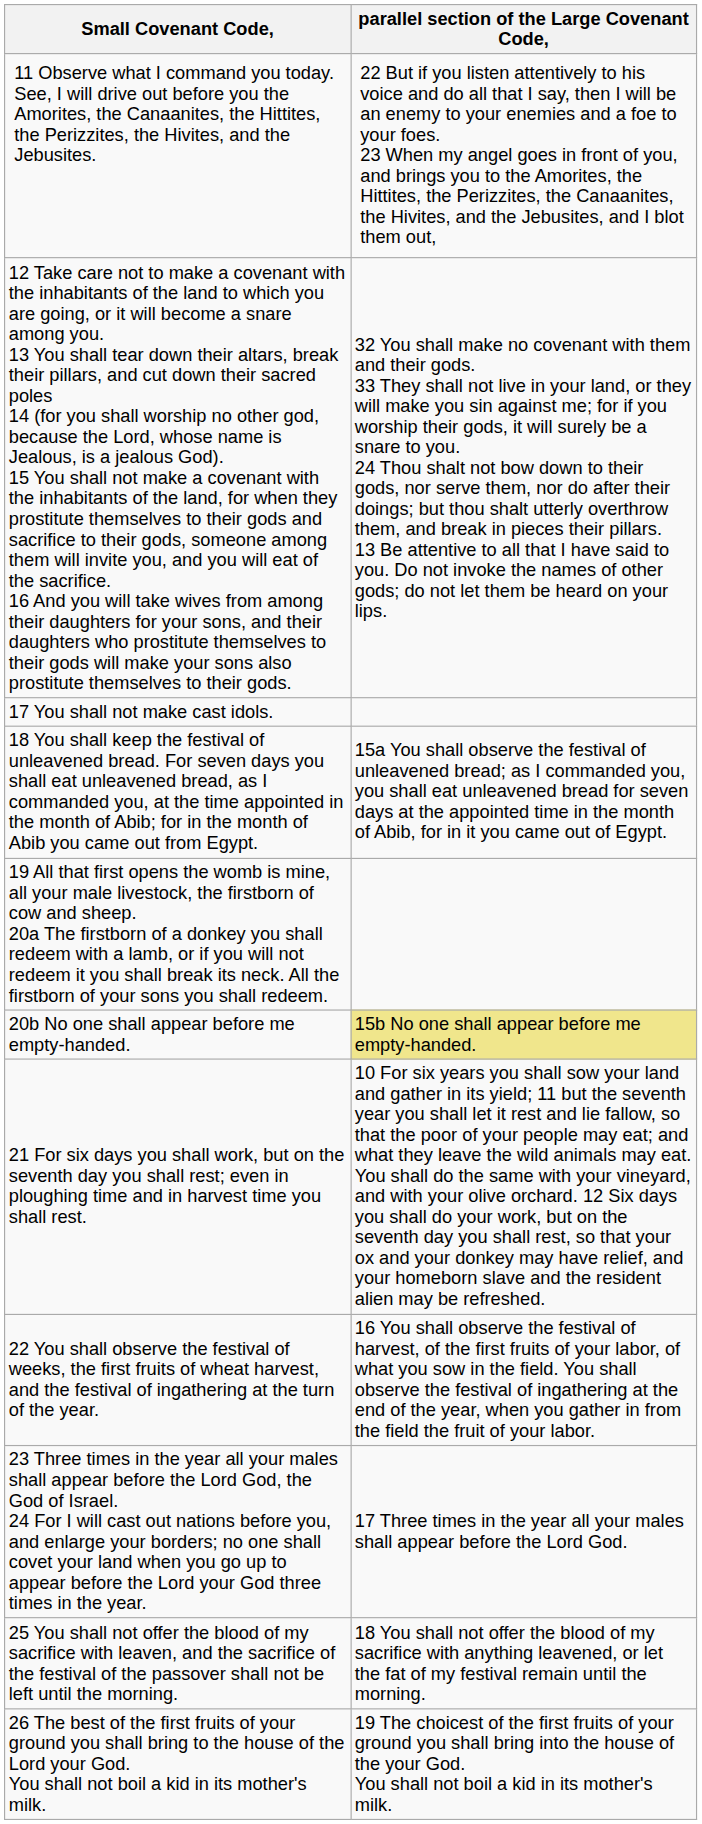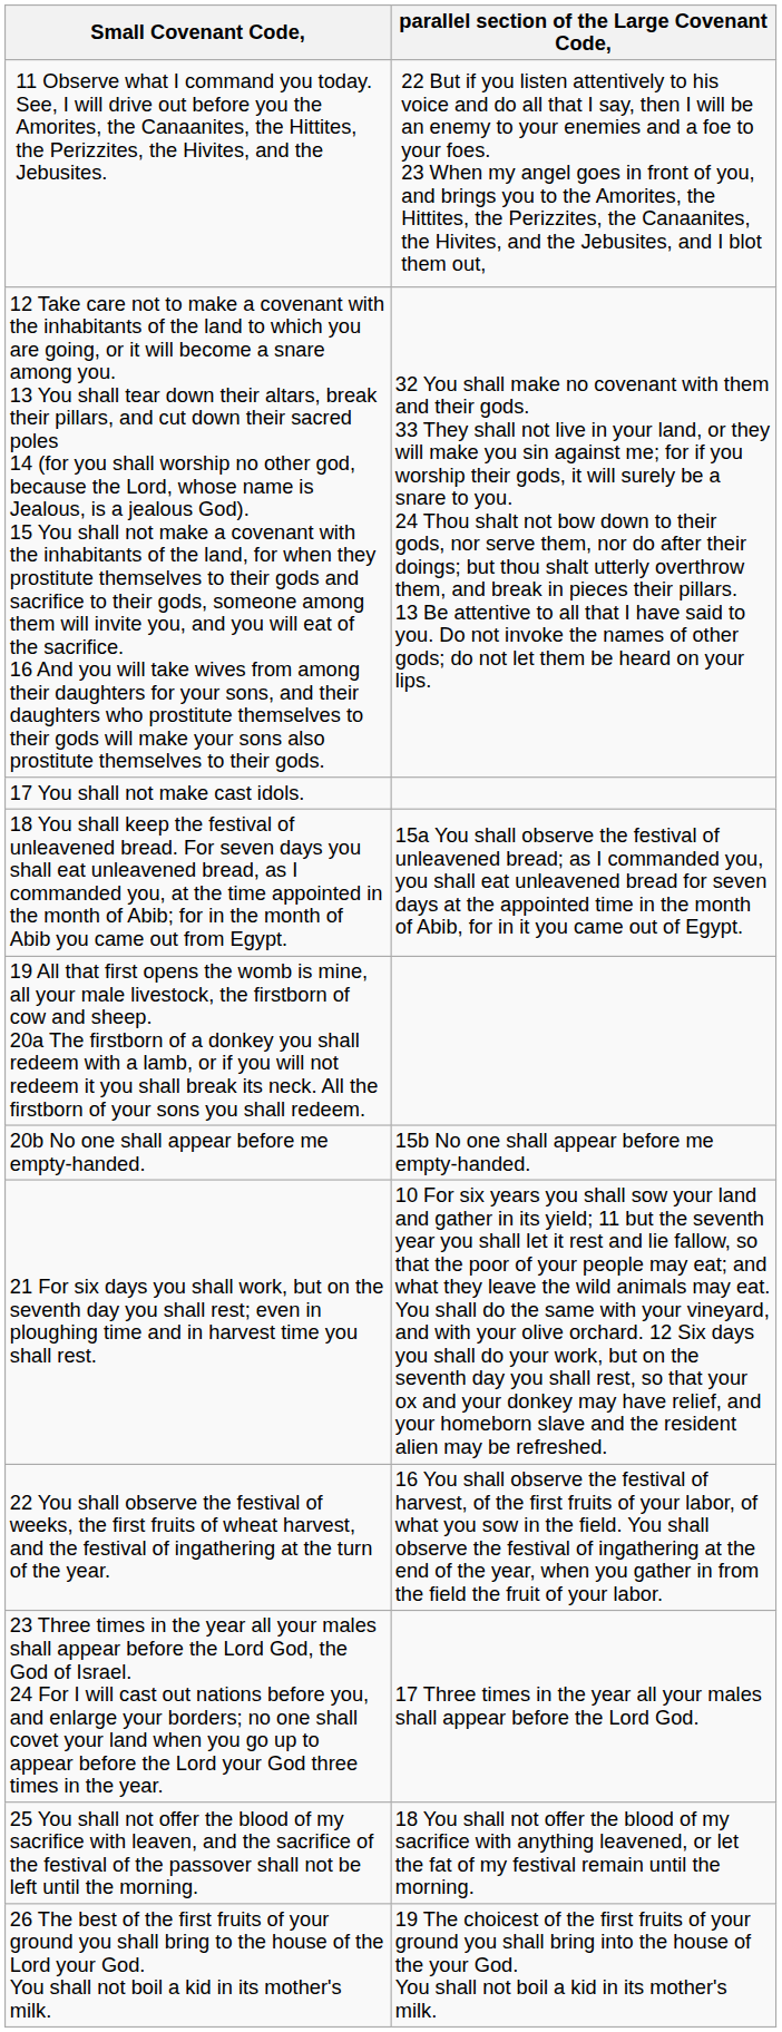 <table class="wikitable">
 <tr>
 <th>Small Covenant Code, </th>
 <th>parallel section of the Large Covenant Code, </th>
 </tr>
 <tr>
 <td style="padding:0.5em; vertical-align:top; width:33%;">11 Observe what I command you today. See, I will drive out before you the Amorites, the Canaanites, the Hittites, the Perizzites, the Hivites, and the Jebusites.</td>
 <td style="padding:0.5em; vertical-align:top; width:33%;">22 But if you listen attentively to his voice and do all that I say, then I will be an enemy to your enemies and a foe to your foes.<br>23 When my angel goes in front of you, and brings you to the Amorites, the Hittites, the Perizzites, the Canaanites, the Hivites, and the Jebusites, and I blot them out,</td>
 </tr>
 <tr>
 <td>12 Take care not to make a covenant with the inhabitants of the land to which you are going, or it will become a snare among you.<br>13 You shall tear down their altars, break their pillars, and cut down their sacred poles<br>14 (for you shall worship no other god, because the Lord, whose name is Jealous, is a jealous God).<br>15 You shall not make a covenant with the inhabitants of the land, for when they prostitute themselves to their gods and sacrifice to their gods, someone among them will invite you, and you will eat of the sacrifice.<br>16 And you will take wives from among their daughters for your sons, and their daughters who prostitute themselves to their gods will make your sons also prostitute themselves to their gods.</td>
 <td>32 You shall make no covenant with them and their gods.<br>33 They shall not live in your land, or they will make you sin against me; for if you worship their gods, it will surely be a snare to you.<br>24 Thou shalt not bow down to their gods, nor serve them, nor do after their doings; but thou shalt utterly overthrow them, and break in pieces their pillars.<br>13 Be attentive to all that I have said to you. Do not invoke the names of other gods; do not let them be heard on your lips.</td>
 </tr>
 <tr>
 <td>17 You shall not make cast idols.</td>
 </tr>
 <tr>
 <td>18 You shall keep the festival of unleavened bread. For seven days you shall eat unleavened bread, as I commanded you, at the time appointed in the month of Abib; for in the month of Abib you came out from Egypt.</td>
 <td>15a You shall observe the festival of unleavened bread; as I commanded you, you shall eat unleavened bread for seven days at the appointed time in the month of Abib, for in it you came out of Egypt.</td>
 </tr>
 <tr>
 <td>19 All that first opens the womb is mine, all your male livestock, the firstborn of cow and sheep.<br>20a The firstborn of a donkey you shall redeem with a lamb, or if you will not redeem it you shall break its neck. All the firstborn of your sons you shall redeem.</td>
 </tr>
 <tr>
 <td>20b No one shall appear before me empty-handed.</td>
-<td style="background: khaki;">15b No one shall appear before me empty-handed.</td>
+<td>15b No one shall appear before me empty-handed.</td>
 </tr>
 <tr>
 <td>21 For six days you shall work, but on the seventh day you shall rest; even in ploughing time and in harvest time you shall rest.</td>
 <td>10 For six years you shall sow your land and gather in its yield; 11 but the seventh year you shall let it rest and lie fallow, so that the poor of your people may eat; and what they leave the wild animals may eat. You shall do the same with your vineyard, and with your olive orchard. 12 Six days you shall do your work, but on the seventh day you shall rest, so that your ox and your donkey may have relief, and your homeborn slave and the resident alien may be refreshed.</td>
 </tr>
 <tr>
 <td>22 You shall observe the festival of weeks, the first fruits of wheat harvest, and the festival of ingathering at the turn of the year.</td>
 <td>16 You shall observe the festival of harvest, of the first fruits of your labor, of what you sow in the field. You shall observe the festival of ingathering at the end of the year, when you gather in from the field the fruit of your labor.</td>
 </tr>
 <tr>
 <td>23 Three times in the year all your males shall appear before the Lord God, the God of Israel.<br>24 For I will cast out nations before you, and enlarge your borders; no one shall covet your land when you go up to appear before the Lord your God three times in the year.</td>
 <td>17 Three times in the year all your males shall appear before the Lord God.</td>
 </tr>
 <tr>
 <td>25 You shall not offer the blood of my sacrifice with leaven, and the sacrifice of the festival of the passover shall not be left until the morning.</td>
 <td>18 You shall not offer the blood of my sacrifice with anything leavened, or let the fat of my festival remain until the morning.</td>
 </tr>
 <tr>
 <td>26 The best of the first fruits of your ground you shall bring to the house of the Lord your God.<br>You shall not boil a kid in its mother's milk.</td>
 <td>19 The choicest of the first fruits of your ground you shall bring into the house of the  your God.<br>You shall not boil a kid in its mother's milk.</td>
 </tr>
 </table>
